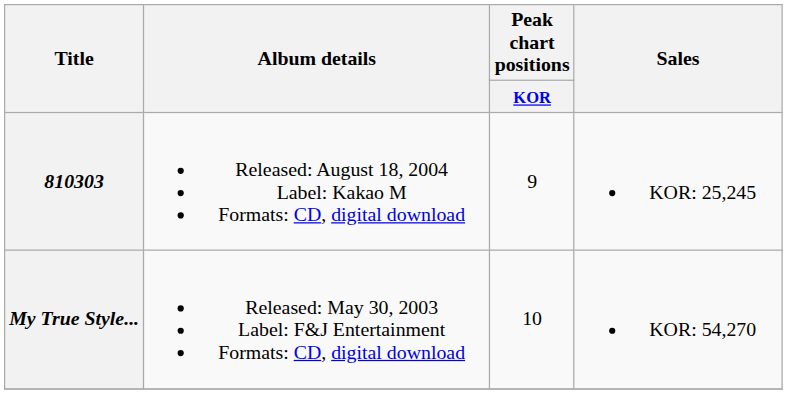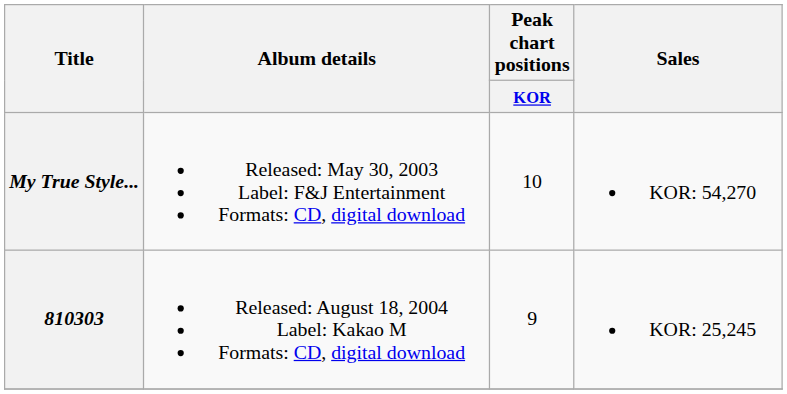 <table class="wikitable plainrowheaders" style="text-align:center;">
 <tr>
 <th scope="col" rowspan="2">Title</th>
 <th scope="col" rowspan="2" style="width:17em;">Album details</th>
 <th scope="col" colspan="1">Peak<br>chart<br>positions</th>
 <th scope="col" rowspan="2" style="width:10em;">Sales</th>
 </tr>
 <tr>
 <th><small><a href='#'>KOR</a></small><br></th>
 </tr>
 <tr>
+<th scope="row"><em>My True Style...</em></th>
+<td><br><ul><li>Released: May 30, 2003</li><li>Label: F&J Entertainment</li><li>Formats: <a href='#'>CD</a>, <a href='#'>digital download</a></li></ul></td>
+<td>10</td>
+<td><br><ul><li>KOR: 54,270</li></ul></td>
+</tr>
+<tr>
 <th scope="row"><em>810303</em></th>
 <td><br><ul><li>Released: August 18, 2004</li><li>Label: Kakao M</li><li>Formats: <a href='#'>CD</a>, <a href='#'>digital download</a></li></ul></td>
 <td>9</td>
 <td><br><ul><li>KOR: 25,245</li></ul></td>
 </tr>
 <tr>
-<th scope="row"><em>My True Style...</em></th>
-<td><br><ul><li>Released: May 30, 2003</li><li>Label: F&J Entertainment</li><li>Formats: <a href='#'>CD</a>, <a href='#'>digital download</a></li></ul></td>
-<td>10</td>
-<td><br><ul><li>KOR: 54,270</li></ul></td>
-</tr>
-<tr>
 </tr>
 </table>
